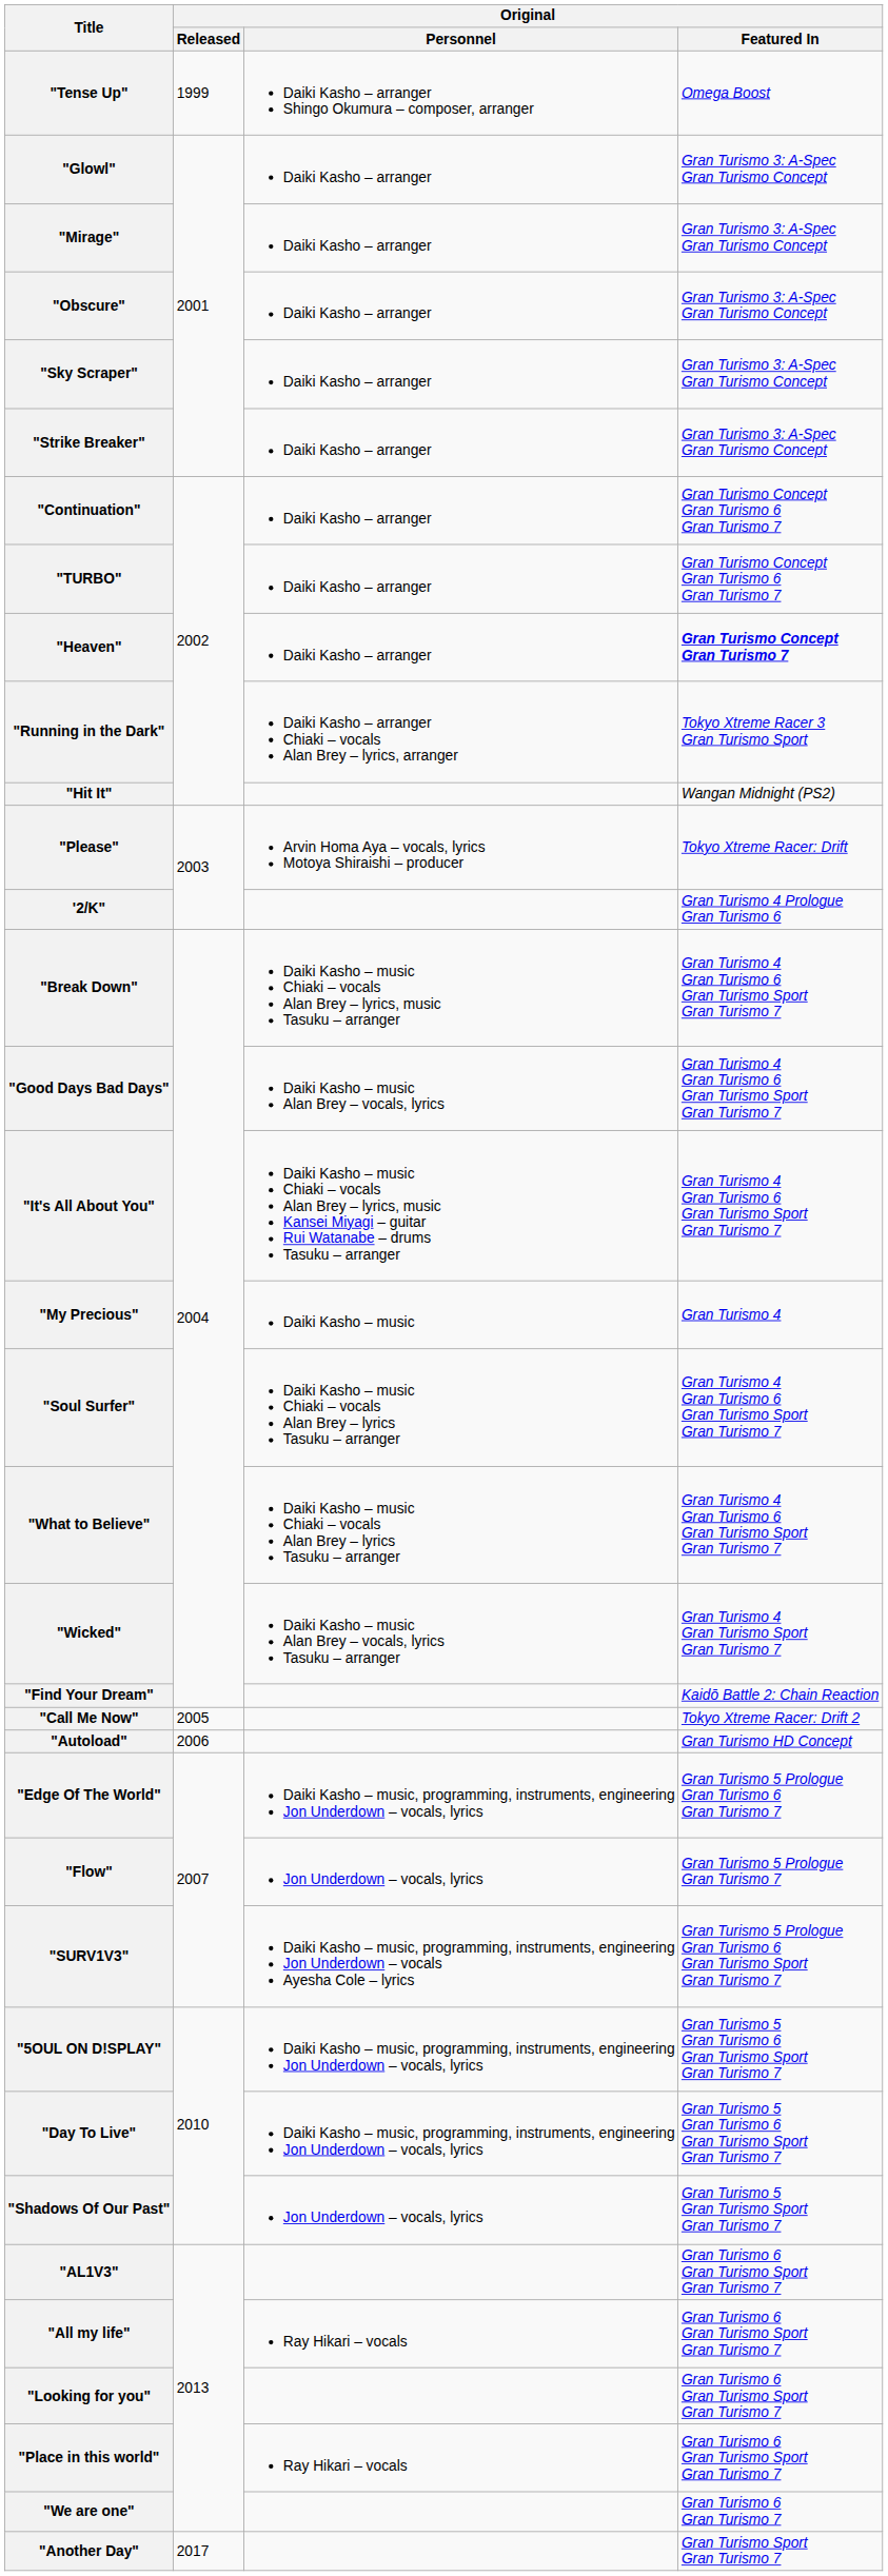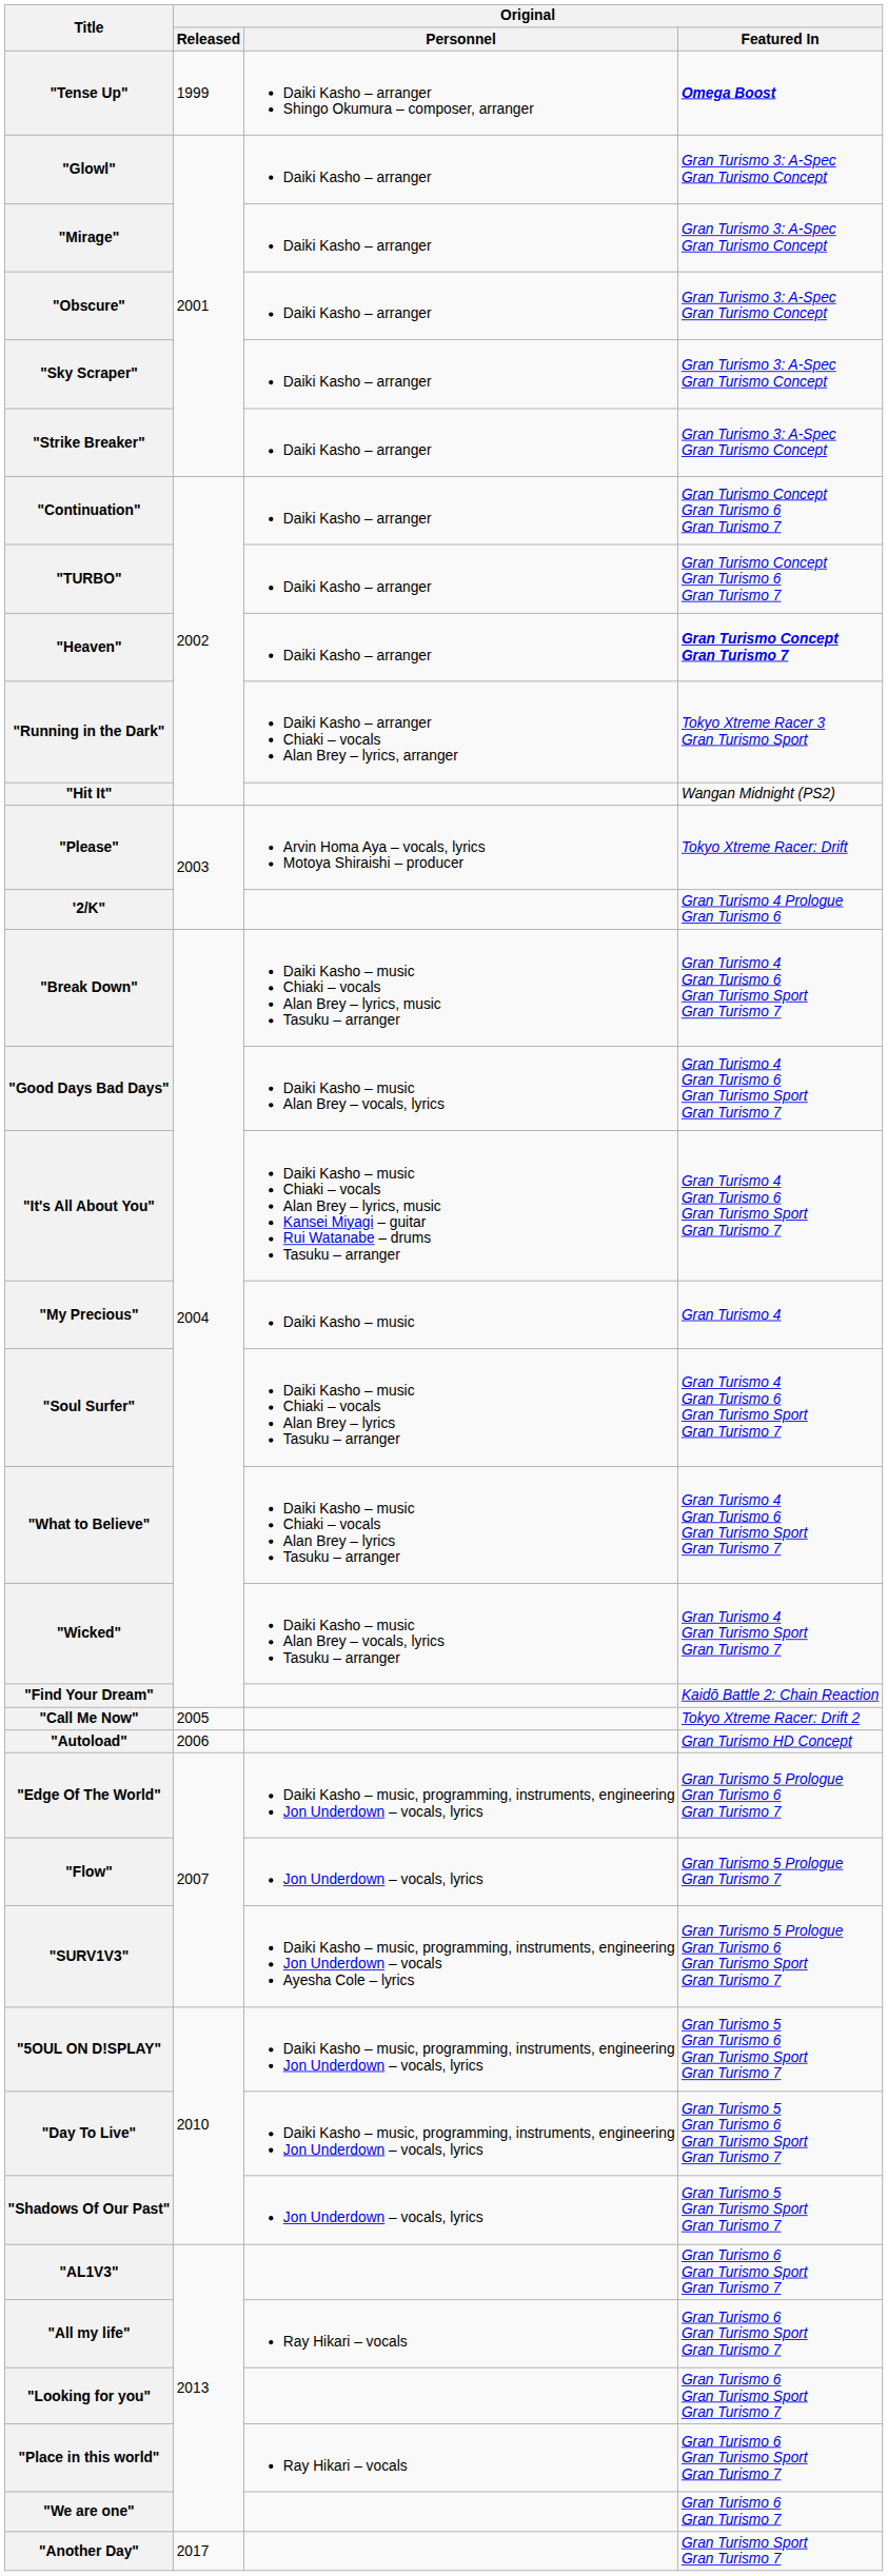 <table class="wikitable sortable plainrowheaders">
 <tr>
 <th rowspan="2">Title</th>
 <th colspan="3">Original</th>
 </tr>
 <tr>
 <th scope="col">Released</th>
 <th scope="col">Personnel</th>
 <th scope="col">Featured In</th>
 </tr>
 <tr>
 <th scope="row">"Tense Up"</th>
 <td>1999</td>
 <td><br><ul><li>Daiki Kasho – arranger</li><li>Shingo Okumura – composer, arranger</li></ul></td>
-<td><em><a href='#'>Omega Boost</a></em></td>
+<td><strong><em><a href='#'>Omega Boost</a></em></strong></td>
 </tr>
 <tr>
 <th scope="row">"Glowl"</th>
 <td rowspan="5">2001</td>
 <td><br><ul><li>Daiki Kasho – arranger</li></ul></td>
 <td><em><a href='#'>Gran Turismo 3: A-Spec</a></em><br><em><a href='#'>Gran Turismo Concept</a></em></td>
 </tr>
 <tr>
 <th scope="row">"Mirage"</th>
 <td><br><ul><li>Daiki Kasho – arranger</li></ul></td>
 <td><em><a href='#'>Gran Turismo 3: A-Spec</a></em><br><em><a href='#'>Gran Turismo Concept</a></em></td>
 </tr>
 <tr>
 <th scope="row">"Obscure"</th>
 <td><br><ul><li>Daiki Kasho – arranger</li></ul></td>
 <td><em><a href='#'>Gran Turismo 3: A-Spec</a></em><br><em><a href='#'>Gran Turismo Concept</a></em></td>
 </tr>
 <tr>
 <th scope="row">"Sky Scraper"</th>
 <td><br><ul><li>Daiki Kasho – arranger</li></ul></td>
 <td><em><a href='#'>Gran Turismo 3: A-Spec</a></em><br><em><a href='#'>Gran Turismo Concept</a></em></td>
 </tr>
 <tr>
 <th scope="row">"Strike Breaker"</th>
 <td><br><ul><li>Daiki Kasho – arranger</li></ul></td>
 <td><em><a href='#'>Gran Turismo 3: A-Spec</a></em><br><em><a href='#'>Gran Turismo Concept</a></em></td>
 </tr>
 <tr>
 <th scope="row">"Continuation"</th>
 <td rowspan="5">2002</td>
 <td><br><ul><li>Daiki Kasho – arranger</li></ul></td>
 <td><em><a href='#'>Gran Turismo Concept</a></em><br><em><a href='#'>Gran Turismo 6</a></em><br><em><a href='#'>Gran Turismo 7</a></em></td>
 </tr>
 <tr>
 <th scope="row">"TURBO"</th>
 <td><br><ul><li>Daiki Kasho – arranger</li></ul></td>
 <td><em><a href='#'>Gran Turismo Concept</a></em><br><em><a href='#'>Gran Turismo 6</a></em><br><em><a href='#'>Gran Turismo 7</a></em></td>
 </tr>
 <tr>
 <th scope="row">"Heaven"</th>
 <td><br><ul><li>Daiki Kasho – arranger</li></ul></td>
 <td><strong><em><a href='#'>Gran Turismo Concept</a></em><br><em><a href='#'>Gran Turismo 7</a></em></strong></td>
 </tr>
 <tr>
 <th scope="row">"Running in the Dark"</th>
 <td><br><ul><li>Daiki Kasho – arranger</li><li>Chiaki – vocals</li><li>Alan Brey – lyrics, arranger</li></ul></td>
 <td><em><a href='#'>Tokyo Xtreme Racer 3</a></em><br><em><a href='#'>Gran Turismo Sport</a></em></td>
 </tr>
 <tr>
 <th scope="row">"Hit It"</th>
 <td></td>
 <td><em>Wangan Midnight (PS2)</em></td>
 </tr>
 <tr>
 <th scope="row">"Please"</th>
 <td rowspan="2">2003</td>
 <td><br><ul><li>Arvin Homa Aya – vocals, lyrics</li><li>Motoya Shiraishi – producer</li></ul></td>
 <td><em><a href='#'>Tokyo Xtreme Racer: Drift</a></em></td>
 </tr>
 <tr>
 <th scope="row">'2/K"</th>
 <td></td>
 <td><em><a href='#'>Gran Turismo 4 Prologue</a></em><br><em><a href='#'>Gran Turismo 6</a></em></td>
 </tr>
 <tr>
 <th scope="row">"Break Down"</th>
 <td rowspan="8">2004</td>
 <td><br><ul><li>Daiki Kasho – music</li><li>Chiaki – vocals</li><li>Alan Brey – lyrics, music</li><li>Tasuku – arranger</li></ul></td>
 <td><em><a href='#'>Gran Turismo 4</a></em><br><em><a href='#'>Gran Turismo 6</a></em><br><em><a href='#'>Gran Turismo Sport</a></em><br><em><a href='#'>Gran Turismo 7</a></em></td>
 </tr>
 <tr>
 <th scope="row">"Good Days Bad Days"</th>
 <td><br><ul><li>Daiki Kasho – music</li><li>Alan Brey – vocals, lyrics</li></ul></td>
 <td><em><a href='#'>Gran Turismo 4</a></em><br><em><a href='#'>Gran Turismo 6</a></em><br><em><a href='#'>Gran Turismo Sport</a></em><br><em><a href='#'>Gran Turismo 7</a></em></td>
 </tr>
 <tr>
 <th scope="row">"It's All About You"</th>
 <td><br><ul><li>Daiki Kasho – music</li><li>Chiaki – vocals</li><li>Alan Brey – lyrics, music</li><li><a href='#'>Kansei Miyagi</a> – guitar</li><li><a href='#'>Rui Watanabe</a> – drums</li><li>Tasuku – arranger</li></ul></td>
 <td><em><a href='#'>Gran Turismo 4</a></em><br><em><a href='#'>Gran Turismo 6</a></em><br><em><a href='#'>Gran Turismo Sport</a></em><br><em><a href='#'>Gran Turismo 7</a></em></td>
 </tr>
 <tr>
 <th scope="row">"My Precious"</th>
 <td><br><ul><li>Daiki Kasho – music</li></ul></td>
 <td><em><a href='#'>Gran Turismo 4</a></em></td>
 </tr>
 <tr>
 <th scope="row">"Soul Surfer"</th>
 <td><br><ul><li>Daiki Kasho – music</li><li>Chiaki – vocals</li><li>Alan Brey – lyrics</li><li>Tasuku – arranger</li></ul></td>
 <td><em><a href='#'>Gran Turismo 4</a></em><br><em><a href='#'>Gran Turismo 6</a></em><br><em><a href='#'>Gran Turismo Sport</a></em><br><em><a href='#'>Gran Turismo 7</a></em></td>
 </tr>
 <tr>
 <th scope="row">"What to Believe"</th>
 <td><br><ul><li>Daiki Kasho – music</li><li>Chiaki – vocals</li><li>Alan Brey – lyrics</li><li>Tasuku – arranger</li></ul></td>
 <td><em><a href='#'>Gran Turismo 4</a></em><br><em><a href='#'>Gran Turismo 6</a></em><br><em><a href='#'>Gran Turismo Sport</a></em><br><em><a href='#'>Gran Turismo 7</a></em></td>
 </tr>
 <tr>
 <th scope="row">"Wicked"</th>
 <td><br><ul><li>Daiki Kasho – music</li><li>Alan Brey – vocals, lyrics</li><li>Tasuku – arranger</li></ul></td>
 <td><em><a href='#'>Gran Turismo 4</a></em><br><em><a href='#'>Gran Turismo Sport</a></em><br><em><a href='#'>Gran Turismo 7</a></em></td>
 </tr>
 <tr>
 <th scope="row">"Find Your Dream"</th>
 <td></td>
 <td><em><a href='#'>Kaidō Battle 2: Chain Reaction</a></em></td>
 </tr>
 <tr>
 <th scope="row">"Call Me Now"</th>
 <td>2005</td>
 <td></td>
 <td><em><a href='#'>Tokyo Xtreme Racer: Drift 2</a></em></td>
 </tr>
 <tr>
 <th scope="row">"Autoload"</th>
 <td>2006</td>
 <td></td>
 <td><em><a href='#'>Gran Turismo HD Concept</a></em></td>
 </tr>
 <tr>
 <th scope="row">"Edge Of The World"</th>
 <td rowspan="3">2007</td>
 <td><br><ul><li>Daiki Kasho – music, programming, instruments, engineering</li><li><a href='#'>Jon Underdown</a> – vocals, lyrics</li></ul></td>
 <td><em><a href='#'>Gran Turismo 5 Prologue</a></em><br><em><a href='#'>Gran Turismo 6</a></em><br><em><a href='#'>Gran Turismo 7</a></em></td>
 </tr>
 <tr>
 <th scope="row">"Flow"</th>
 <td><br><ul><li><a href='#'>Jon Underdown</a> – vocals, lyrics</li></ul></td>
 <td><em><a href='#'>Gran Turismo 5 Prologue</a></em><br><em><a href='#'>Gran Turismo 7</a></em></td>
 </tr>
 <tr>
 <th scope="row">"SURV1V3"</th>
 <td><br><ul><li>Daiki Kasho – music, programming, instruments, engineering</li><li><a href='#'>Jon Underdown</a> – vocals</li><li>Ayesha Cole – lyrics</li></ul></td>
 <td><em><a href='#'>Gran Turismo 5 Prologue</a></em><br><em><a href='#'>Gran Turismo 6</a></em><br><em><a href='#'>Gran Turismo Sport</a></em><br><em><a href='#'>Gran Turismo 7</a></em></td>
 </tr>
 <tr>
 <th scope="row">"5OUL ON D!SPLAY"</th>
 <td rowspan="3">2010</td>
 <td><br><ul><li>Daiki Kasho – music, programming, instruments, engineering</li><li><a href='#'>Jon Underdown</a> – vocals, lyrics</li></ul></td>
 <td><em><a href='#'>Gran Turismo 5</a></em><br><em><a href='#'>Gran Turismo 6</a></em><br><em><a href='#'>Gran Turismo Sport</a></em><br><em><a href='#'>Gran Turismo 7</a></em></td>
 </tr>
 <tr>
 <th scope="row">"Day To Live"</th>
 <td><br><ul><li>Daiki Kasho – music, programming, instruments, engineering</li><li><a href='#'>Jon Underdown</a> – vocals, lyrics</li></ul></td>
 <td><em><a href='#'>Gran Turismo 5</a></em><br><em><a href='#'>Gran Turismo 6</a></em><br><em><a href='#'>Gran Turismo Sport</a></em><br><em><a href='#'>Gran Turismo 7</a></em></td>
 </tr>
 <tr>
 <th scope="row">"Shadows Of Our Past"</th>
 <td><br><ul><li><a href='#'>Jon Underdown</a> – vocals, lyrics</li></ul></td>
 <td><em><a href='#'>Gran Turismo 5</a></em><br><em><a href='#'>Gran Turismo Sport</a></em><br><em><a href='#'>Gran Turismo 7</a></em></td>
 </tr>
 <tr>
 <th scope="row">"AL1V3"</th>
 <td rowspan="5">2013</td>
 <td></td>
 <td><em><a href='#'>Gran Turismo 6</a></em><br><em><a href='#'>Gran Turismo Sport</a></em><br><em><a href='#'>Gran Turismo 7</a></em></td>
 </tr>
 <tr>
 <th scope="row">"All my life"</th>
 <td><br><ul><li>Ray Hikari – vocals</li></ul></td>
 <td><em><a href='#'>Gran Turismo 6</a></em><br><em><a href='#'>Gran Turismo Sport</a></em><br><em><a href='#'>Gran Turismo 7</a></em></td>
 </tr>
 <tr>
 <th scope="row">"Looking for you"</th>
 <td></td>
 <td><em><a href='#'>Gran Turismo 6</a></em><br><em><a href='#'>Gran Turismo Sport</a></em><br><em><a href='#'>Gran Turismo 7</a></em></td>
 </tr>
 <tr>
 <th scope="row">"Place in this world"</th>
 <td><br><ul><li>Ray Hikari – vocals</li></ul></td>
 <td><em><a href='#'>Gran Turismo 6</a></em><br><em><a href='#'>Gran Turismo Sport</a></em><br><em><a href='#'>Gran Turismo 7</a></em></td>
 </tr>
 <tr>
 <th scope="row">"We are one"</th>
 <td></td>
 <td><em><a href='#'>Gran Turismo 6</a></em><br><em><a href='#'>Gran Turismo 7</a></em></td>
 </tr>
 <tr>
 <th scope="row">"Another Day"</th>
 <td>2017</td>
 <td></td>
 <td><em><a href='#'>Gran Turismo Sport</a></em><br><em><a href='#'>Gran Turismo 7</a></em></td>
 </tr>
 </table>
